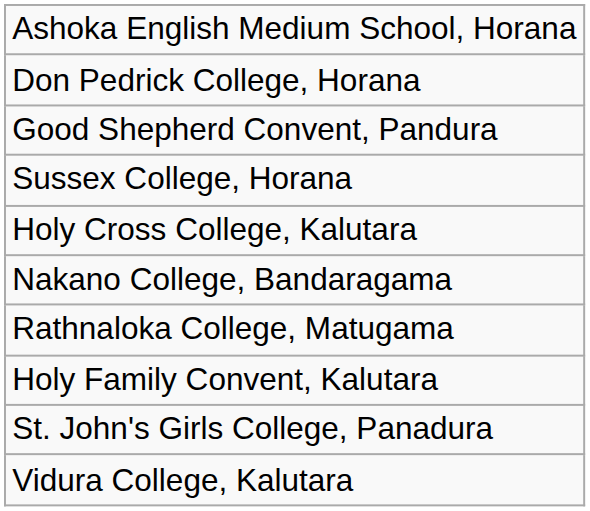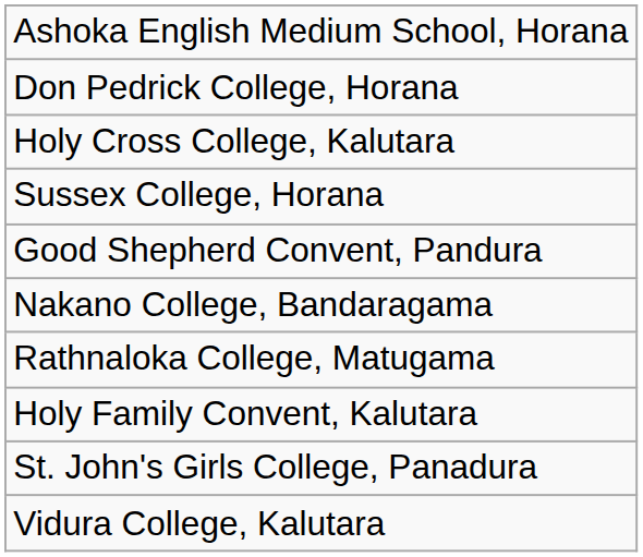 <table class="wikitable">
 <tr>
 <td>Ashoka English Medium School, Horana</td>
 </tr>
 <tr>
 <td>Don Pedrick College, Horana</td>
 </tr>
 <tr>
-<td>Good Shepherd Convent, Pandura</td>
+<td>Holy Cross College, Kalutara</td>
 </tr>
 <tr>
 <td>Sussex College, Horana</td>
 </tr>
 <tr>
-<td>Holy Cross College, Kalutara</td>
+<td>Good Shepherd Convent, Pandura</td>
 </tr>
 <tr>
 <td>Nakano College, Bandaragama</td>
 </tr>
 <tr>
 <td>Rathnaloka College, Matugama</td>
 </tr>
 <tr>
 <td>Holy Family Convent, Kalutara</td>
 </tr>
 <tr>
 <td>St. John's Girls College, Panadura</td>
 </tr>
 <tr>
 <td>Vidura College, Kalutara</td>
 </tr>
 </table>
